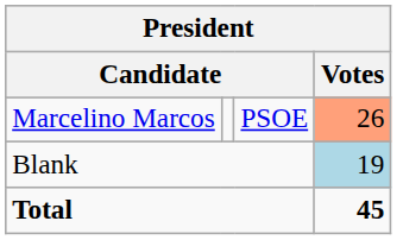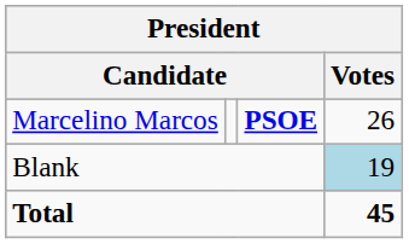 <table class="wikitable" style="font-size:90%; text-align:right;">
 <tr>
 <th colspan="4">President</th>
 </tr>
 <tr>
 <th colspan="3">Candidate</th>
 <th>Votes</th>
 </tr>
 <tr>
 <td align=left><a href='#'>Marcelino Marcos</a></td>
 <td style="background:"></td>
-<td align=left><a href='#'>PSOE</a></td>
-<td style="background: lightsalmon;">26</td>
+<td align=left><strong><a href='#'>PSOE</a></strong></td>
+<td>26</td>
 </tr>
 <tr>
 <td align=left colspan="3">Blank</td>
 <td style="background: lightblue;">19</td>
 </tr>
 <tr style="font-weight:bold">
 <td align=left colspan="3">Total</td>
 <td>45</td>
 </tr>
 </table>
